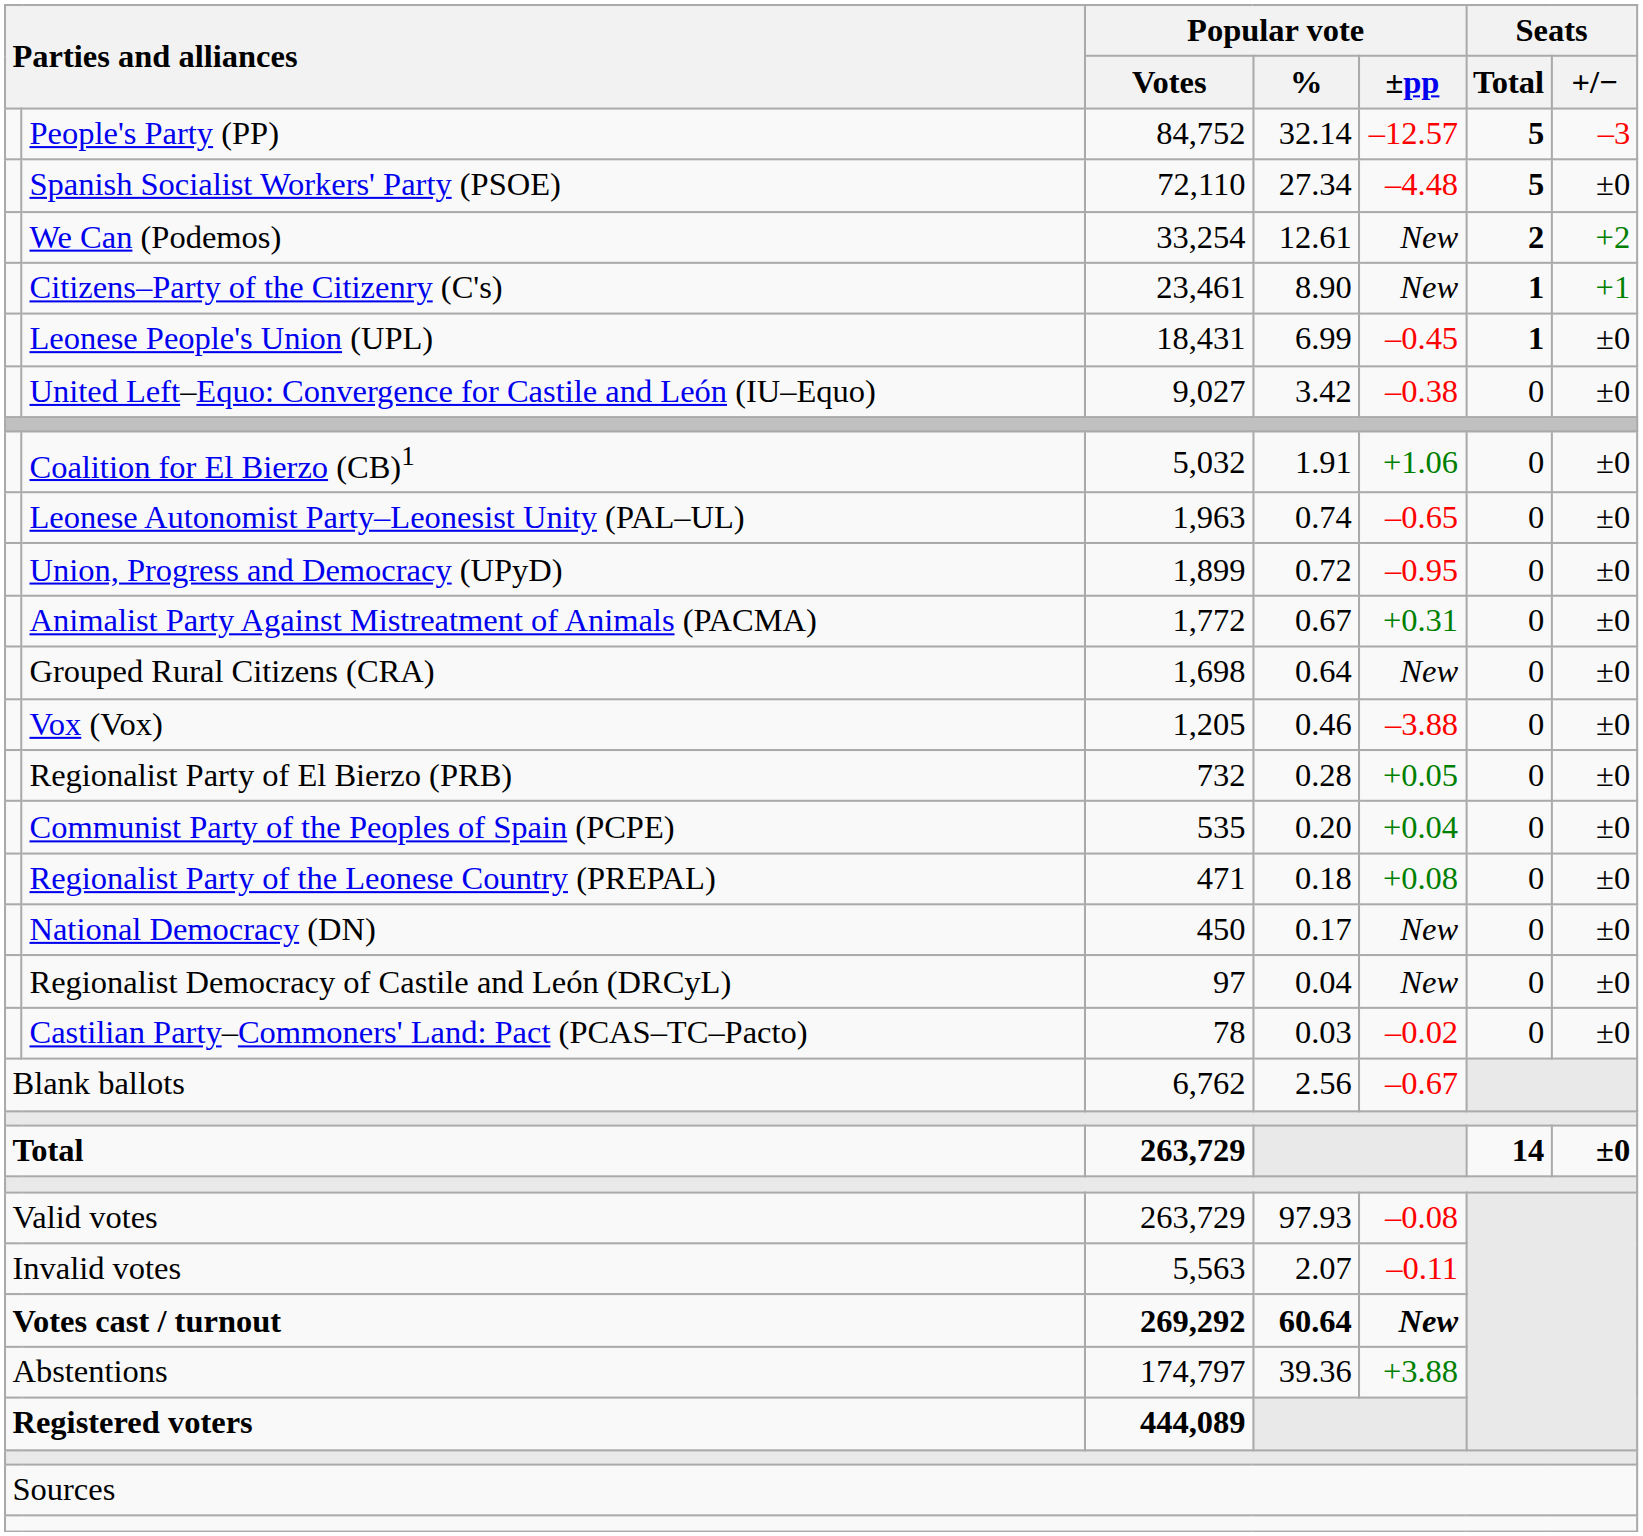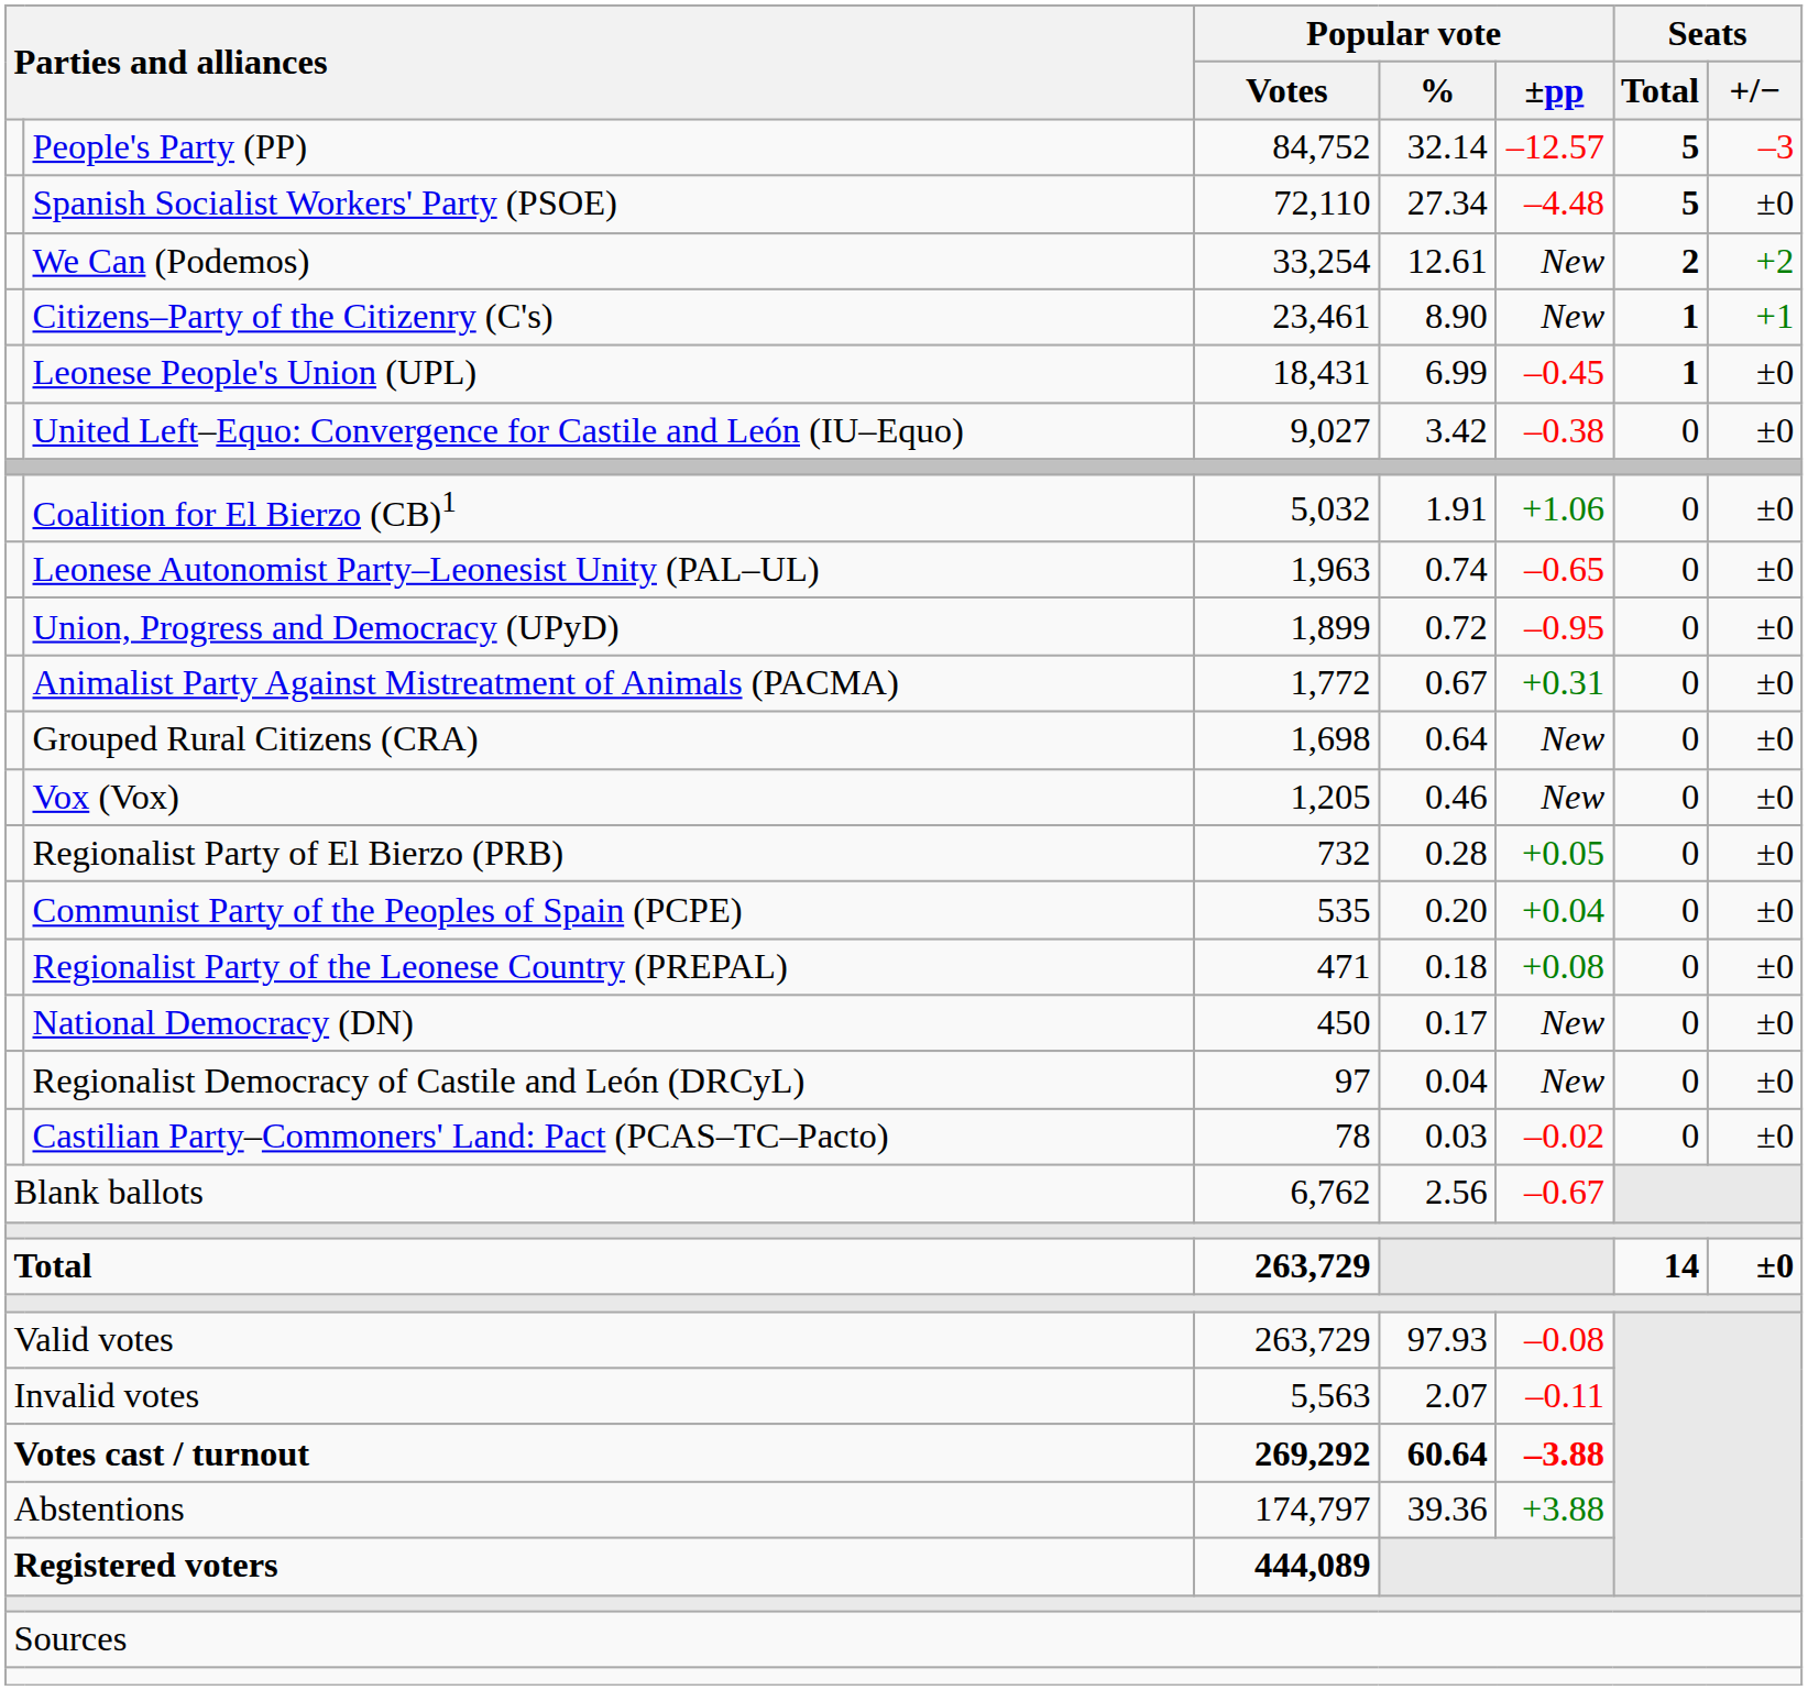 <table class="wikitable" style="text-align:right;">
 <tr>
 <th style="text-align:left;" rowspan="2" colspan="2" width="525">Parties and alliances</th>
 <th colspan="3">Popular vote</th>
 <th colspan="2">Seats</th>
 </tr>
 <tr>
 <th width="75">Votes</th>
 <th width="45">%</th>
 <th width="45">±<a href='#'>pp</a></th>
 <th width="35">Total</th>
 <th width="35">+/−</th>
 </tr>
 <tr>
 <td width="1" style="color:inherit;background:"></td>
 <td align="left"><a href='#'>People's Party</a> (PP)</td>
 <td>84,752</td>
 <td>32.14</td>
 <td style="color:red;">–12.57</td>
 <td><strong>5</strong></td>
 <td style="color:red;">–3</td>
 </tr>
 <tr>
 <td style="color:inherit;background:"></td>
 <td align="left"><a href='#'>Spanish Socialist Workers' Party</a> (PSOE)</td>
 <td>72,110</td>
 <td>27.34</td>
 <td style="color:red;">–4.48</td>
 <td><strong>5</strong></td>
 <td>±0</td>
 </tr>
 <tr>
 <td style="color:inherit;background:"></td>
 <td align="left"><a href='#'>We Can</a> (Podemos)</td>
 <td>33,254</td>
 <td>12.61</td>
 <td><em>New</em></td>
 <td><strong>2</strong></td>
 <td style="color:green;">+2</td>
 </tr>
 <tr>
 <td style="color:inherit;background:"></td>
 <td align="left"><a href='#'>Citizens–Party of the Citizenry</a> (C's)</td>
 <td>23,461</td>
 <td>8.90</td>
 <td><em>New</em></td>
 <td><strong>1</strong></td>
 <td style="color:green;">+1</td>
 </tr>
 <tr>
 <td style="color:inherit;background:"></td>
 <td align="left"><a href='#'>Leonese People's Union</a> (UPL)</td>
 <td>18,431</td>
 <td>6.99</td>
 <td style="color:red;">–0.45</td>
 <td><strong>1</strong></td>
 <td>±0</td>
 </tr>
 <tr>
 <td style="color:inherit;background:"></td>
 <td align="left"><a href='#'>United Left</a>–<a href='#'>Equo: Convergence for Castile and León</a> (IU–Equo)</td>
 <td>9,027</td>
 <td>3.42</td>
 <td style="color:red;">–0.38</td>
 <td>0</td>
 <td>±0</td>
 </tr>
 <tr>
 <td colspan="7" bgcolor="#C0C0C0"></td>
 </tr>
 <tr>
 <td style="color:inherit;background:"></td>
 <td align="left"><a href='#'>Coalition for El Bierzo</a> (CB)<sup>1</sup></td>
 <td>5,032</td>
 <td>1.91</td>
 <td style="color:green;">+1.06</td>
 <td>0</td>
 <td>±0</td>
 </tr>
 <tr>
 <td style="color:inherit;background:"></td>
 <td align="left"><a href='#'>Leonese Autonomist Party–Leonesist Unity</a> (PAL–UL)</td>
 <td>1,963</td>
 <td>0.74</td>
 <td style="color:red;">–0.65</td>
 <td>0</td>
 <td>±0</td>
 </tr>
 <tr>
 <td style="color:inherit;background:"></td>
 <td align="left"><a href='#'>Union, Progress and Democracy</a> (UPyD)</td>
 <td>1,899</td>
 <td>0.72</td>
 <td style="color:red;">–0.95</td>
 <td>0</td>
 <td>±0</td>
 </tr>
 <tr>
 <td style="color:inherit;background:"></td>
 <td align="left"><a href='#'>Animalist Party Against Mistreatment of Animals</a> (PACMA)</td>
 <td>1,772</td>
 <td>0.67</td>
 <td style="color:green;">+0.31</td>
 <td>0</td>
 <td>±0</td>
 </tr>
 <tr>
 <td style="color:inherit;background:"></td>
 <td align="left">Grouped Rural Citizens (CRA)</td>
 <td>1,698</td>
 <td>0.64</td>
 <td><em>New</em></td>
 <td>0</td>
 <td>±0</td>
 </tr>
 <tr>
 <td style="color:inherit;background:"></td>
 <td align="left"><a href='#'>Vox</a> (Vox)</td>
 <td>1,205</td>
 <td>0.46</td>
-<td style="color:red;">–3.88</td>
+<td><em>New</em></td>
 <td>0</td>
 <td>±0</td>
 </tr>
 <tr>
 <td style="color:inherit;background:"></td>
 <td align="left">Regionalist Party of El Bierzo (PRB)</td>
 <td>732</td>
 <td>0.28</td>
 <td style="color:green;">+0.05</td>
 <td>0</td>
 <td>±0</td>
 </tr>
 <tr>
 <td style="color:inherit;background:"></td>
 <td align="left"><a href='#'>Communist Party of the Peoples of Spain</a> (PCPE)</td>
 <td>535</td>
 <td>0.20</td>
 <td style="color:green;">+0.04</td>
 <td>0</td>
 <td>±0</td>
 </tr>
 <tr>
 <td style="color:inherit;background:"></td>
 <td align="left"><a href='#'>Regionalist Party of the Leonese Country</a> (PREPAL)</td>
 <td>471</td>
 <td>0.18</td>
 <td style="color:green;">+0.08</td>
 <td>0</td>
 <td>±0</td>
 </tr>
 <tr>
 <td style="color:inherit;background:"></td>
 <td align="left"><a href='#'>National Democracy</a> (DN)</td>
 <td>450</td>
 <td>0.17</td>
 <td><em>New</em></td>
 <td>0</td>
 <td>±0</td>
 </tr>
 <tr>
 <td style="color:inherit;background:"></td>
 <td align="left">Regionalist Democracy of Castile and León (DRCyL)</td>
 <td>97</td>
 <td>0.04</td>
 <td><em>New</em></td>
 <td>0</td>
 <td>±0</td>
 </tr>
 <tr>
 <td style="color:inherit;background:"></td>
 <td align="left"><a href='#'>Castilian Party</a>–<a href='#'>Commoners' Land: Pact</a> (PCAS–TC–Pacto)</td>
 <td>78</td>
 <td>0.03</td>
 <td style="color:red;">–0.02</td>
 <td>0</td>
 <td>±0</td>
 </tr>
 <tr>
 <td align="left" colspan="2">Blank ballots</td>
 <td>6,762</td>
 <td>2.56</td>
 <td style="color:red;">–0.67</td>
 <td bgcolor="#E9E9E9" colspan="2"></td>
 </tr>
 <tr>
 <td colspan="7" bgcolor="#E9E9E9"></td>
 </tr>
 <tr style="font-weight:bold;">
 <td align="left" colspan="2">Total</td>
 <td>263,729</td>
 <td bgcolor="#E9E9E9" colspan="2"></td>
 <td>14</td>
 <td>±0</td>
 </tr>
 <tr>
 <td colspan="7" bgcolor="#E9E9E9"></td>
 </tr>
 <tr>
 <td align="left" colspan="2">Valid votes</td>
 <td>263,729</td>
 <td>97.93</td>
 <td style="color:red;">–0.08</td>
 <td bgcolor="#E9E9E9" colspan="2" rowspan="5"></td>
 </tr>
 <tr>
 <td align="left" colspan="2">Invalid votes</td>
 <td>5,563</td>
 <td>2.07</td>
 <td style="color:red;">–0.11</td>
 </tr>
 <tr style="font-weight:bold;">
 <td align="left" colspan="2">Votes cast / turnout</td>
 <td>269,292</td>
 <td>60.64</td>
-<td><em>New</em></td>
+<td style="color:red;">–3.88</td>
 </tr>
 <tr>
 <td align="left" colspan="2">Abstentions</td>
 <td>174,797</td>
 <td>39.36</td>
 <td style="color:green;">+3.88</td>
 </tr>
 <tr style="font-weight:bold;">
 <td align="left" colspan="2">Registered voters</td>
 <td>444,089</td>
 <td bgcolor="#E9E9E9" colspan="2"></td>
 </tr>
 <tr>
 <td colspan="7" bgcolor="#E9E9E9"></td>
 </tr>
 <tr>
 <td align="left" colspan="7">Sources</td>
 </tr>
 <tr>
 <td colspan="7" style="text-align:left; max-width:790px;"></td>
 </tr>
 </table>
